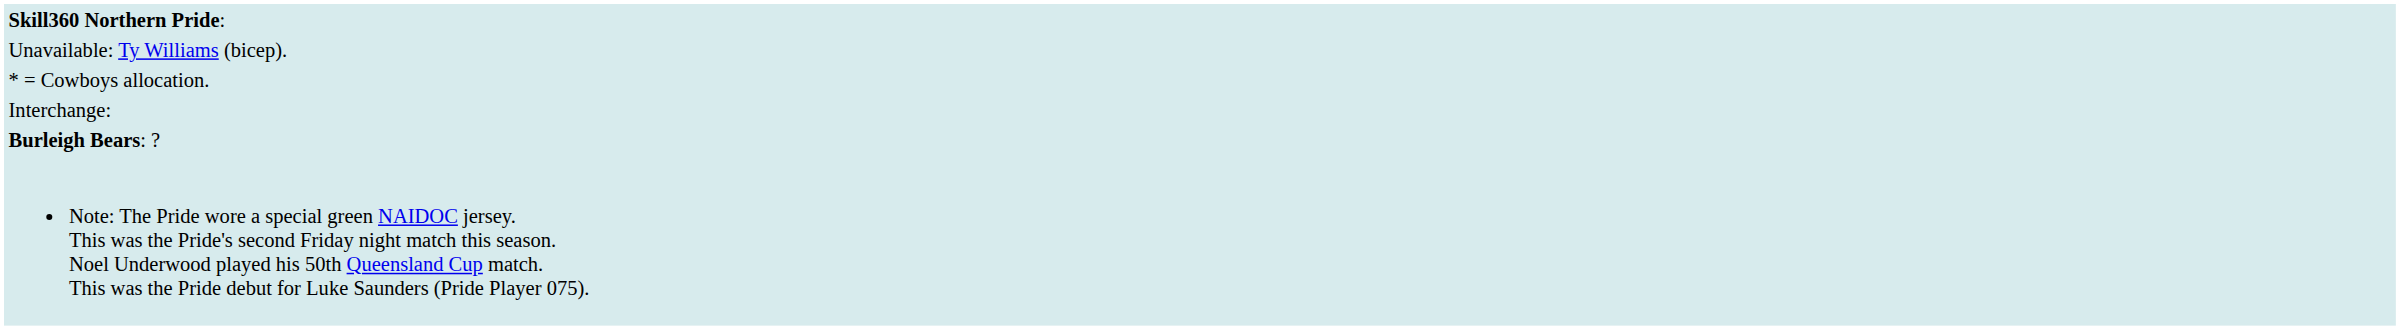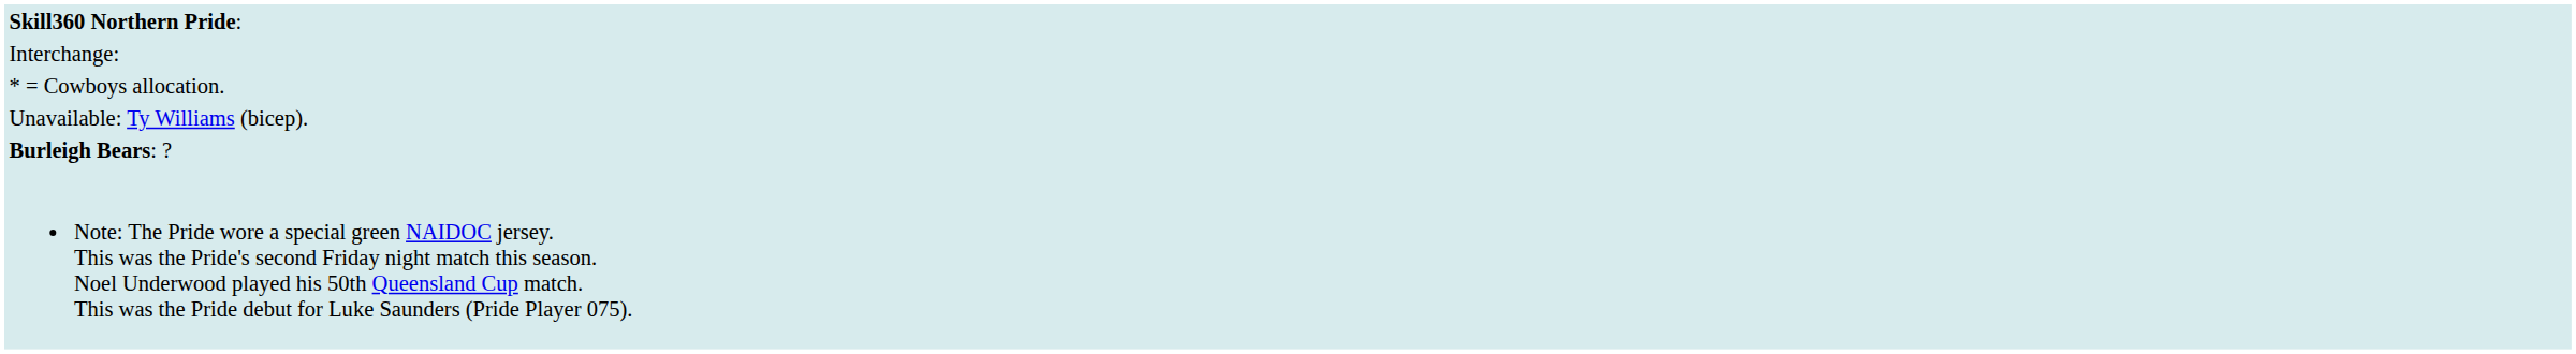 <table style="background:#d7ebed; font-size:85%; width:100%;">
 <tr>
 <td><strong>Skill360 Northern Pride</strong>:             </td>
 </tr>
 <tr>
-<td>Unavailable: <a href='#'>Ty Williams</a> (bicep).</td>
+<td>Interchange:    </td>
 </tr>
 <tr>
 <td>* = Cowboys allocation.</td>
 </tr>
 <tr>
-<td>Interchange:    </td>
+<td>Unavailable: <a href='#'>Ty Williams</a> (bicep).</td>
 </tr>
 <tr>
 <td><strong>Burleigh Bears</strong>: ?</td>
 </tr>
 <tr>
 <td><br><ul><li>Note: The Pride wore a special green <a href='#'>NAIDOC</a> jersey.<br>This was the Pride's second Friday night match this season.<br>Noel Underwood played his 50th <a href='#'>Queensland Cup</a> match.<br>This was the Pride debut for Luke Saunders (Pride Player 075).</li></ul></td>
 </tr>
 </table>
